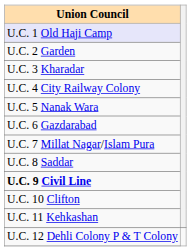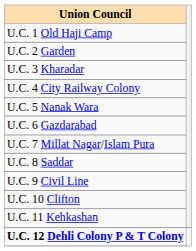 <table class="sortable wikitable" align="left">
 <tr>
 <th style="background:#ffdead;"><strong>Union Council</strong></th>
 <th rowspan=12 style="border-bottom:1px solid grey;" valign="top" class="unsortable"><br><br></th>
 </tr>
 <tr>
-<td style="background: lavender; border-bottom:1px solid grey;">U.C. 1 <a href='#'>Old Haji Camp</a></td>
+<td style="border-bottom:1px solid grey;">U.C. 1 <a href='#'>Old Haji Camp</a></td>
 </tr>
 <tr>
 <td style="border-bottom:1px solid grey;">U.C. 2 <a href='#'>Garden</a></td>
 </tr>
 <tr>
 <td style="border-bottom:1px solid grey;">U.C. 3 <a href='#'>Kharadar</a></td>
 </tr>
 <tr>
 <td style="border-bottom:1px solid grey;">U.C. 4 <a href='#'>City Railway Colony</a></td>
 </tr>
 <tr>
 <td style="border-bottom:1px solid grey;">U.C. 5 <a href='#'>Nanak Wara</a></td>
 </tr>
 <tr>
 <td style="border-bottom:1px solid grey;">U.C. 6 <a href='#'>Gazdarabad</a></td>
 </tr>
 <tr>
 <td style="border-bottom:1px solid grey;">U.C. 7 <a href='#'>Millat Nagar</a>/<a href='#'>Islam Pura</a></td>
 </tr>
 <tr>
 <td style="border-bottom:1px solid grey;">U.C. 8 <a href='#'>Saddar</a></td>
 </tr>
 <tr>
-<td style="border-bottom:1px solid grey;"><strong>U.C. 9 <a href='#'>Civil Line</a></strong></td>
+<td style="border-bottom:1px solid grey;">U.C. 9 <a href='#'>Civil Line</a></td>
 </tr>
 <tr>
 <td style="border-bottom:1px solid grey;">U.C. 10 <a href='#'>Clifton</a></td>
 </tr>
 <tr>
 <td style="border-bottom:1px solid grey;">U.C. 11 <a href='#'>Kehkashan</a></td>
 </tr>
 <tr>
-<td style="border-bottom:1px solid grey;">U.C. 12 <a href='#'>Dehli Colony P & T Colony</a></td>
+<td style="border-bottom:1px solid grey;"><strong>U.C. 12 <a href='#'>Dehli Colony P & T Colony</a></strong></td>
 </tr>
 </table>
